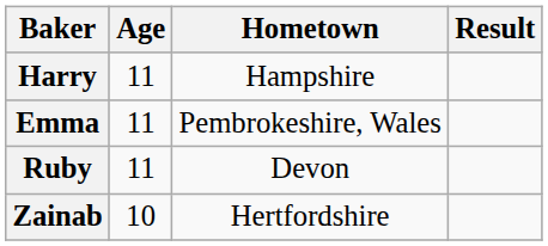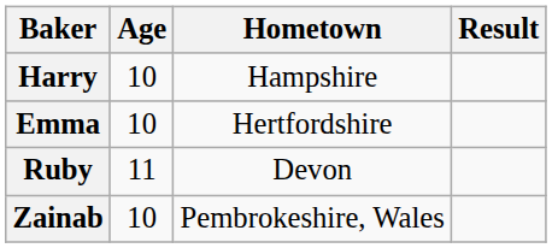 <table class="wikitable sortable" style="display:inline-table; text-align:center">
 <tr>
 <th scope="col">Baker</th>
 <th scope="col">Age</th>
 <th scope="col">Hometown</th>
 <th scope="col">Result</th>
 </tr>
 <tr>
 <th scope="row">Harry</th>
-<td>11</td>
+<td>10</td>
 <td>Hampshire</td>
 <td></td>
 </tr>
 <tr>
 <th scope="row">Emma</th>
-<td>11</td>
-<td>Pembrokeshire, Wales</td>
+<td>10</td>
+<td>Hertfordshire</td>
 <td></td>
 </tr>
 <tr>
 <th scope="row">Ruby</th>
 <td>11</td>
 <td>Devon</td>
 <td></td>
 </tr>
 <tr>
 <th scope="row">Zainab</th>
 <td>10</td>
-<td>Hertfordshire</td>
+<td>Pembrokeshire, Wales</td>
 <td></td>
 </tr>
 </table>
